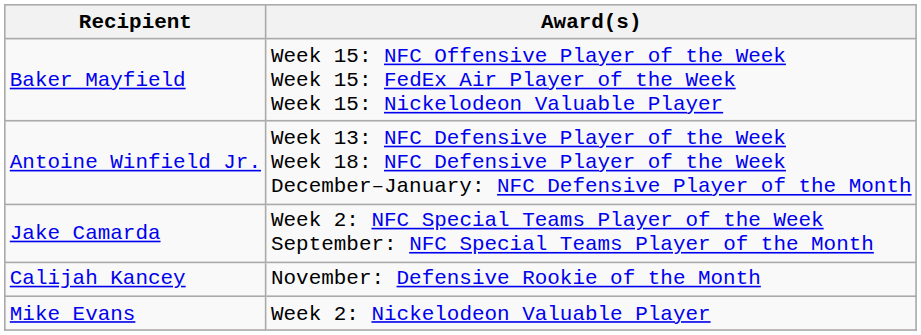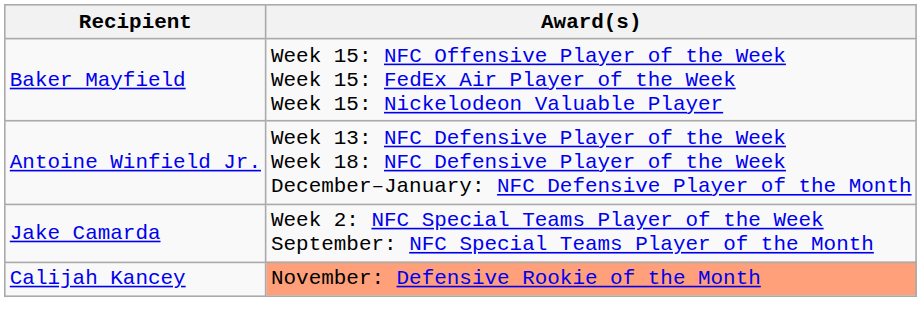 <table class="wikitable">
 <tr>
 <th>Recipient</th>
 <th>Award(s)</th>
 </tr>
 <tr>
 <td><a href='#'>Baker Mayfield</a></td>
 <td>Week 15: <a href='#'>NFC Offensive Player of the Week</a><br>Week 15: <a href='#'>FedEx Air Player of the Week</a><br>Week 15: <a href='#'>Nickelodeon Valuable Player</a></td>
 </tr>
 <tr>
 <td><a href='#'>Antoine Winfield Jr.</a></td>
 <td>Week 13: <a href='#'>NFC Defensive Player of the Week</a><br>Week 18: <a href='#'>NFC Defensive Player of the Week</a><br>December–January: <a href='#'>NFC Defensive Player of the Month</a></td>
 </tr>
 <tr>
 <td><a href='#'>Jake Camarda</a></td>
 <td>Week 2: <a href='#'>NFC Special Teams Player of the Week</a><br>September: <a href='#'>NFC Special Teams Player of the Month</a></td>
 </tr>
 <tr>
 <td><a href='#'>Calijah Kancey</a></td>
-<td>November: <a href='#'>Defensive Rookie of the Month</a></td>
-</tr>
-<tr>
-<td><a href='#'>Mike Evans</a></td>
-<td>Week 2: <a href='#'>Nickelodeon Valuable Player</a></td>
+<td style="background: lightsalmon;">November: <a href='#'>Defensive Rookie of the Month</a></td>
 </tr>
 </table>
